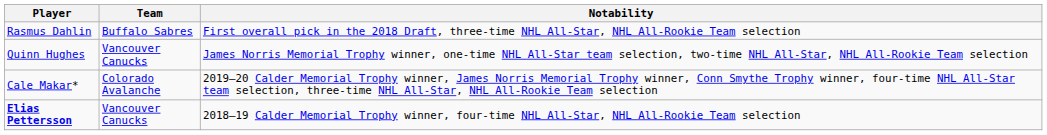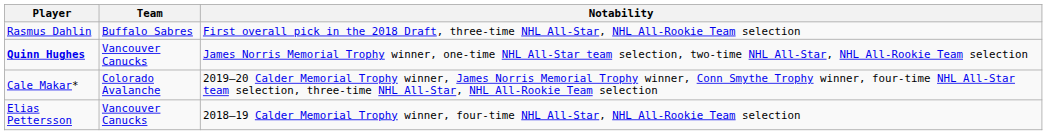 <table class="wikitable">
 <tr>
 <th>Player</th>
 <th>Team</th>
 <th>Notability</th>
 </tr>
 <tr>
 <td><a href='#'>Rasmus Dahlin</a></td>
 <td><a href='#'>Buffalo Sabres</a></td>
 <td><a href='#'>First overall pick in the 2018 Draft</a>, three-time <a href='#'>NHL All-Star</a>, <a href='#'>NHL All-Rookie Team</a> selection</td>
 </tr>
 <tr>
-<td><a href='#'>Quinn Hughes</a></td>
+<td><strong><a href='#'>Quinn Hughes</a></strong></td>
 <td><a href='#'>Vancouver Canucks</a></td>
 <td><a href='#'>James Norris Memorial Trophy</a> winner, one-time <a href='#'>NHL All-Star team</a> selection, two-time <a href='#'>NHL All-Star</a>, <a href='#'>NHL All-Rookie Team</a> selection</td>
 </tr>
 <tr>
 <td><a href='#'>Cale Makar</a>*</td>
 <td><a href='#'>Colorado Avalanche</a></td>
 <td>2019–20 <a href='#'>Calder Memorial Trophy</a> winner, <a href='#'>James Norris Memorial Trophy</a> winner, <a href='#'>Conn Smythe Trophy</a> winner, four-time <a href='#'>NHL All-Star team</a> selection, three-time <a href='#'>NHL All-Star</a>, <a href='#'>NHL All-Rookie Team</a> selection</td>
 </tr>
 <tr>
-<td><strong><a href='#'>Elias Pettersson</a></strong></td>
+<td><a href='#'>Elias Pettersson</a></td>
 <td><a href='#'>Vancouver Canucks</a></td>
 <td>2018–19 <a href='#'>Calder Memorial Trophy</a> winner, four-time <a href='#'>NHL All-Star</a>, <a href='#'>NHL All-Rookie Team</a> selection</td>
 </tr>
 </table>
